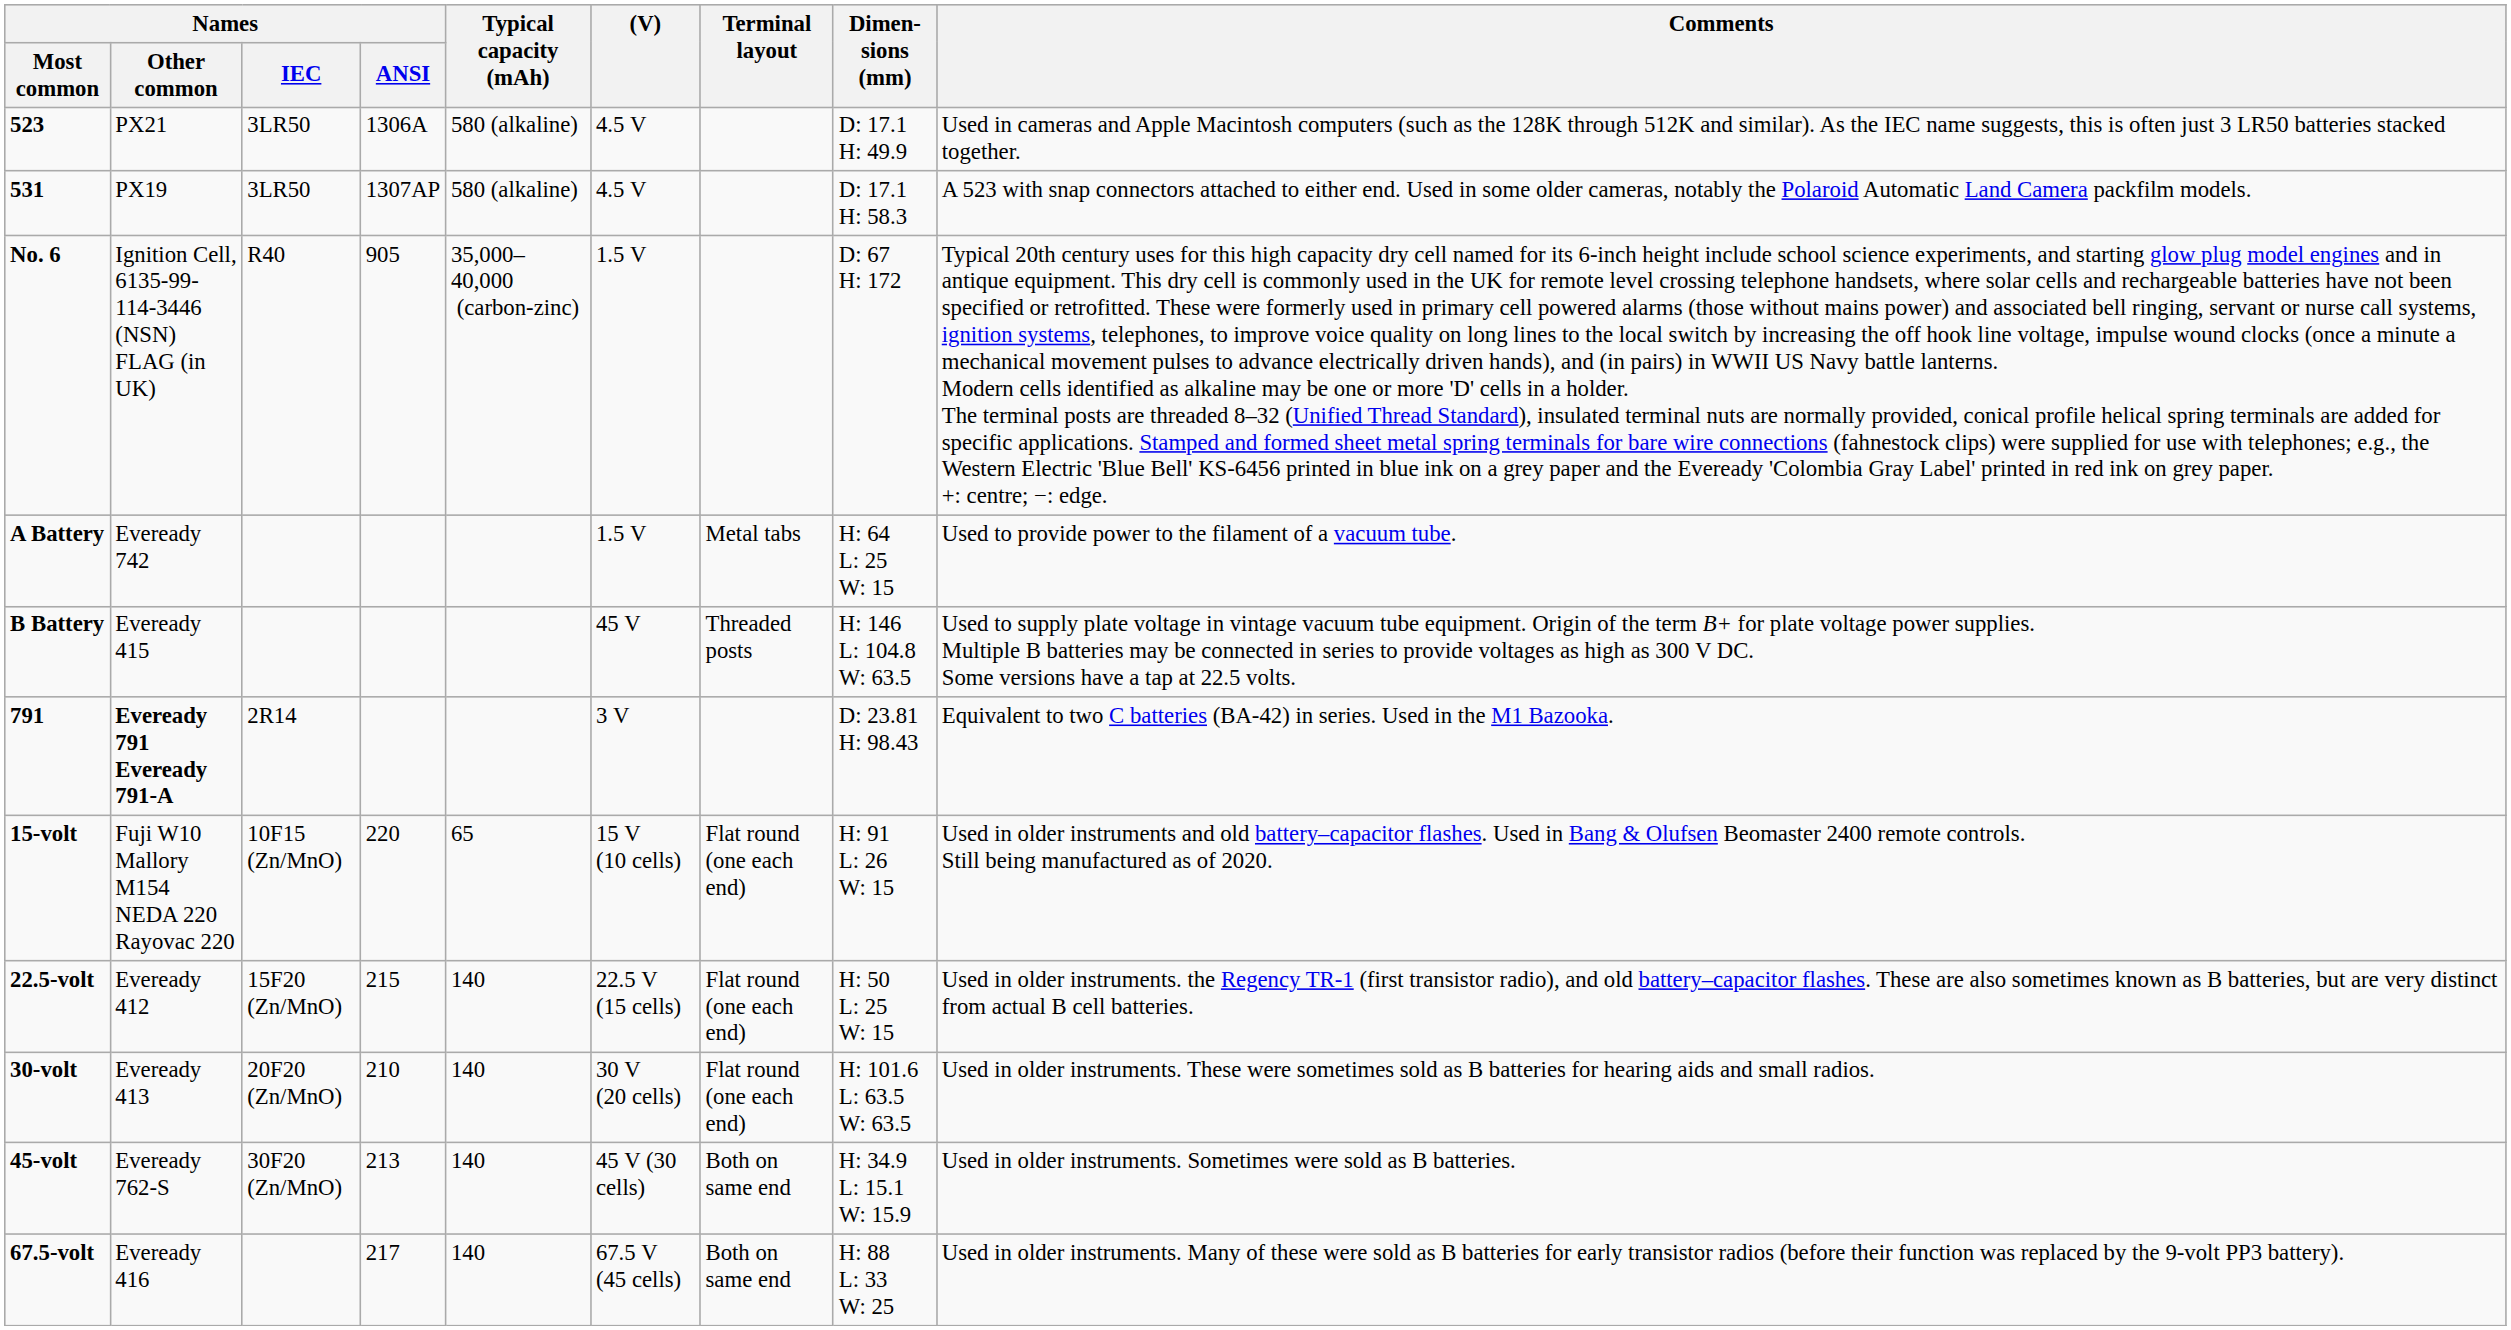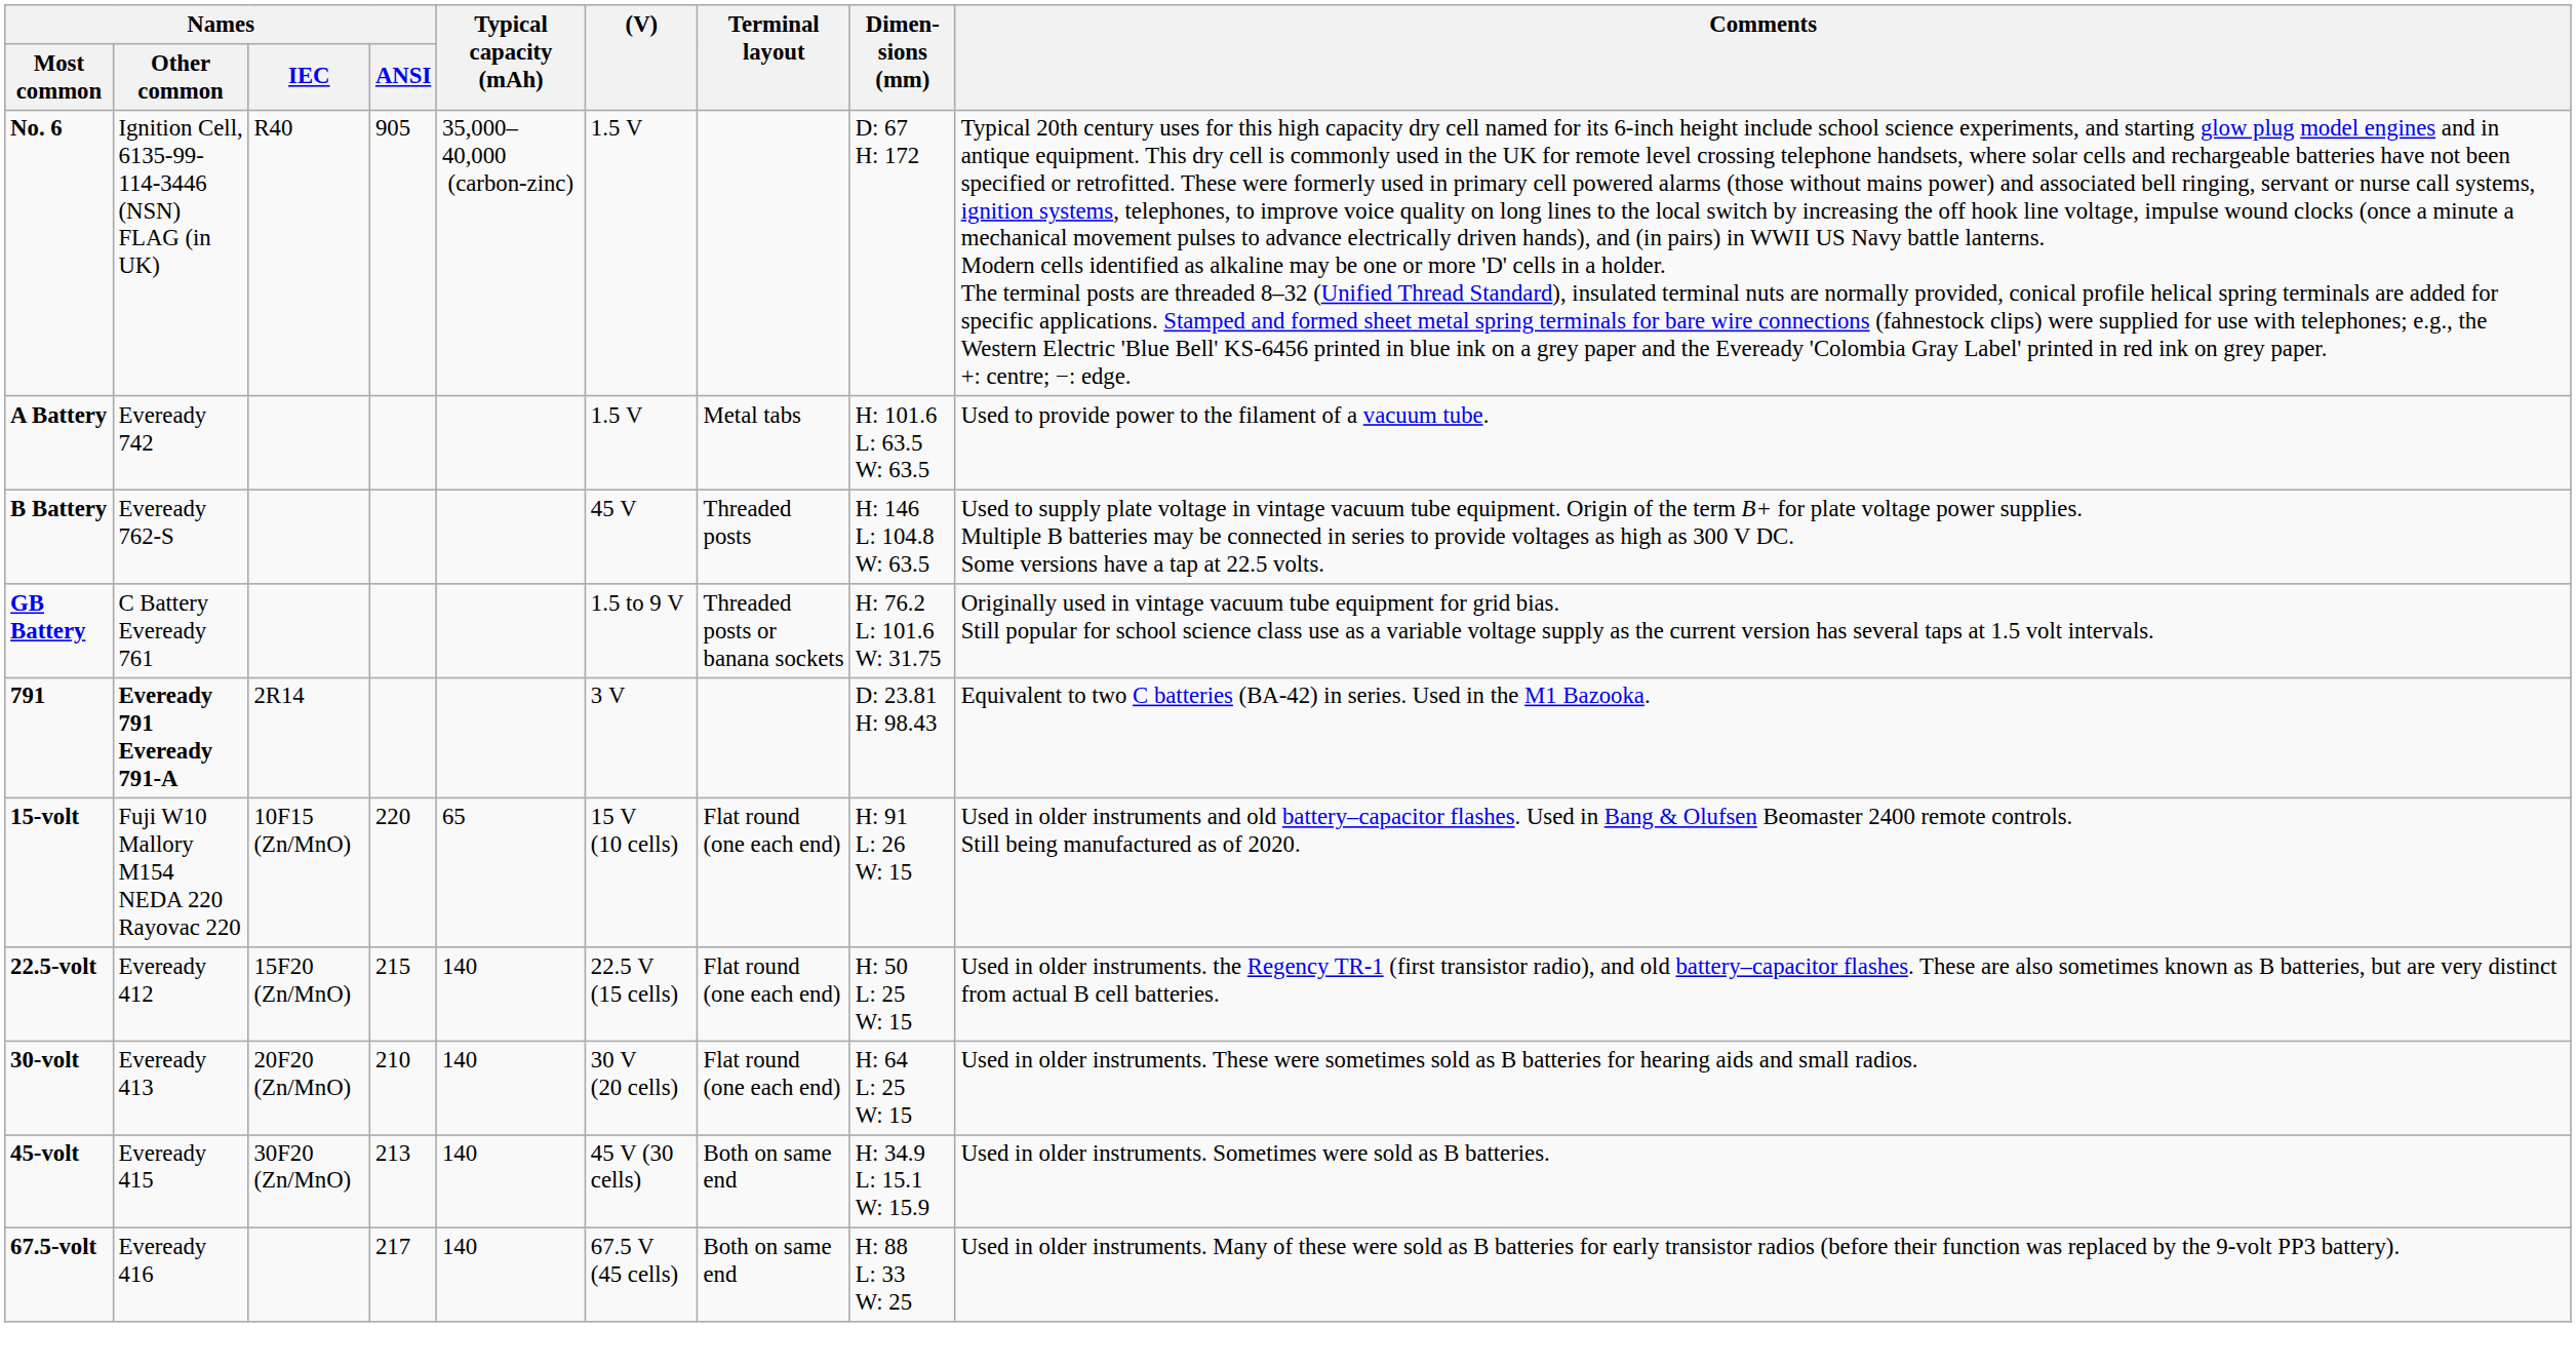 <table class=wikitable style="width:100%; font-size:90%">
 <tr valign=top>
 <th colspan=4>Names</th>
 <th rowspan=2>Typical capacity <br>(mAh)</th>
 <th rowspan=2>(V)</th>
 <th rowspan=2>Ter­minal layout</th>
 <th rowspan=2>Dimen­sions (mm)</th>
 <th rowspan=2>Comments</th>
 </tr>
 <tr>
 <th>Most common</th>
 <th>Other common</th>
 <th><a href='#'>IEC</a></th>
 <th><a href='#'>ANSI</a></th>
-</tr>
-<tr valign=top>
-<td><strong>523</strong><br></td>
-<td>PX21</td>
-<td>3LR50</td>
-<td>1306A</td>
-<td>580 (alkaline)</td>
-<td>4.5 V</td>
-<td></td>
-<td>D: 17.1<br>H: 49.9</td>
-<td>Used in cameras and Apple Macintosh computers (such as the 128K through 512K and similar). As the IEC name suggests, this is often just 3 LR50 batteries stacked together.</td>
-</tr>
-<tr valign=top>
-<td><strong>531</strong><br></td>
-<td>PX19</td>
-<td>3LR50</td>
-<td>1307AP</td>
-<td>580 (alkaline)</td>
-<td>4.5 V</td>
-<td></td>
-<td>D: 17.1<br>H: 58.3</td>
-<td>A 523 with snap connectors attached to either end. Used in some older cameras, notably the <a href='#'>Polaroid</a> Automatic <a href='#'>Land Camera</a> packfilm models.</td>
 </tr>
 <tr valign=top>
 <td><strong>No. 6</strong><br></td>
 <td>Ignition Cell,<br>6135-99-114-3446 (NSN)<br>FLAG (in UK)</td>
 <td>R40</td>
 <td>905</td>
 <td>35,000–40,000<br> (carbon‑zinc)</td>
 <td>1.5 V</td>
 <td></td>
 <td>D: 67<br>H: 172</td>
 <td>Typical 20th century uses for this high capacity dry cell named for its 6-inch height include school science experiments, and starting <a href='#'>glow plug</a> <a href='#'>model engines</a> and in antique equipment. This dry cell is commonly used in the UK for remote level crossing telephone handsets, where solar cells and rechargeable batteries have not been specified or retrofitted. These were formerly used in primary cell powered alarms (those without mains power) and associated bell ringing, servant or nurse call systems, <a href='#'>ignition systems</a>, telephones, to improve voice quality on long lines to the local switch by increasing the off hook line voltage, impulse wound clocks (once a minute a mechanical movement pulses to advance electrically driven hands), and (in pairs) in WWII US Navy battle lanterns.<br>Modern cells identified as alkaline may be one or more 'D' cells in a holder.<br>The terminal posts are threaded 8–32 (<a href='#'>Unified Thread Standard</a>), insulated terminal nuts are normally provided, conical profile helical spring terminals are added for specific applications. <a href='#'>Stamped and formed sheet metal spring terminals for bare wire connections</a> (fahnestock clips) were supplied for use with telephones; e.g., the Western Electric 'Blue Bell' KS-6456 printed in blue ink on a grey paper and the Eveready 'Colombia Gray Label' printed in red ink on grey paper.<br>+: centre; −: edge.</td>
 </tr>
 <tr valign=top>
 <td><strong>A Battery</strong><br></td>
 <td>Eveready 742</td>
 <td></td>
 <td></td>
 <td></td>
 <td>1.5 V</td>
 <td>Metal tabs</td>
-<td>H: 64<br>L: 25<br>W: 15</td>
+<td>H: 101.6<br>L: 63.5<br>W: 63.5</td>
 <td>Used to provide power to the filament of a <a href='#'>vacuum tube</a>.</td>
 </tr>
 <tr valign=top>
 <td><strong>B Battery</strong><br></td>
-<td>Eveready 415</td>
+<td>Eveready 762-S</td>
 <td></td>
 <td></td>
 <td></td>
 <td>45 V</td>
 <td>Threa­ded posts</td>
 <td>H: 146<br>L: 104.8<br>W: 63.5</td>
 <td>Used to supply plate voltage in vintage vacuum tube equipment. Origin of the term <em>B+</em> for plate voltage power supplies.<br>Multiple B batteries may be connected in series to provide voltages as high as 300 V DC.<br>Some versions have a tap at 22.5 volts.</td>
+</tr>
+<tr valign=top>
+<td><strong><a href='#'>GB Battery</a></strong><br></td>
+<td>C Battery<br>Eveready 761</td>
+<td></td>
+<td></td>
+<td></td>
+<td>1.5 to 9 V</td>
+<td>Threa­ded posts or banana sockets</td>
+<td>H: 76.2<br>L: 101.6<br>W: 31.75</td>
+<td>Originally used in vintage vacuum tube equipment for grid bias.<br>Still popular for school science class use as a variable voltage supply as the current version has several taps at 1.5 volt intervals.</td>
 </tr>
 <tr valign=top>
 <td><strong>791</strong></td>
 <td><strong>Eveready 791<br>Eveready 791-A</strong></td>
 <td>2R14</td>
 <td></td>
 <td></td>
 <td>3 V</td>
 <td></td>
 <td>D: 23.81<br>H: 98.43</td>
 <td>Equivalent to two <a href='#'>C batteries</a> (BA-42) in series. Used in the <a href='#'>M1 Bazooka</a>.</td>
 </tr>
 <tr valign=top>
 <td><strong>15-volt</strong><br></td>
 <td Eveready 504>Fuji W10<br>Mallory M154<br>NEDA 220<br>Rayovac 220</td>
 <td>10F15 (Zn/MnO)</td>
 <td>220</td>
 <td>65</td>
 <td>15 V (10 cells)</td>
 <td>Flat round (one each end)</td>
 <td>H: 91<br>L: 26<br>W: 15</td>
 <td>Used in older instruments and old <a href='#'>battery–capacitor flashes</a>. Used in <a href='#'>Bang & Olufsen</a> Beomaster 2400 remote controls.<br>Still being manufactured as of 2020.</td>
 </tr>
 <tr valign=top>
 <td><strong>22.5-volt</strong><br></td>
 <td>Eveready 412</td>
 <td>15F20 (Zn/MnO)</td>
 <td>215</td>
 <td>140</td>
 <td>22.5 V (15 cells)</td>
 <td>Flat round (one each end)</td>
 <td>H: 50<br>L: 25<br>W: 15</td>
 <td>Used in older instruments. the <a href='#'>Regency TR-1</a> (first transistor radio), and old <a href='#'>battery–capacitor flashes</a>. These are also sometimes known as B batteries, but are very distinct from actual B cell batteries.</td>
 </tr>
 <tr valign=top>
 <td><strong>30-volt</strong><br></td>
 <td>Eveready 413</td>
 <td>20F20 (Zn/MnO)</td>
 <td>210</td>
 <td>140</td>
 <td>30 V (20 cells)</td>
 <td>Flat round (one each end)</td>
-<td>H: 101.6<br>L: 63.5<br>W: 63.5</td>
+<td>H: 64<br>L: 25<br>W: 15</td>
 <td>Used in older instruments. These were sometimes sold as B batteries for hearing aids and small radios.</td>
 </tr>
 <tr valign=top>
 <td><strong>45-volt</strong><br></td>
-<td>Eveready 762-S</td>
+<td>Eveready 415</td>
 <td>30F20 (Zn/MnO)</td>
 <td>213</td>
 <td>140</td>
 <td>45 V (30 cells)</td>
 <td>Both on same end</td>
 <td>H: 34.9<br>L: 15.1<br>W: 15.9</td>
 <td>Used in older instruments. Sometimes were sold as B batteries.</td>
 </tr>
 <tr valign=top>
 <td><strong>67.5-volt</strong><br></td>
 <td>Eveready 416</td>
 <td></td>
 <td>217</td>
 <td>140</td>
 <td>67.5 V (45 cells)</td>
 <td>Both on same end</td>
 <td>H: 88<br>L: 33<br>W: 25</td>
 <td>Used in older instruments. Many of these were sold as B batteries for early transistor radios (before their function was replaced by the 9-volt PP3 battery).</td>
 </tr>
 </table>
